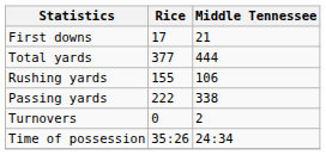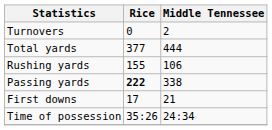 <table class="wikitable" style="float: right;">
 <tr>
 <th>Statistics</th>
 <th>Rice</th>
 <th>Middle Tennessee</th>
 </tr>
 <tr>
-<td>First downs</td>
-<td>17</td>
-<td>21</td>
+<td>Turnovers</td>
+<td>0</td>
+<td>2</td>
 </tr>
 <tr>
 <td>Total yards</td>
 <td>377</td>
 <td>444</td>
 </tr>
 <tr>
 <td>Rushing yards</td>
 <td>155</td>
 <td>106</td>
 </tr>
 <tr>
 <td>Passing yards</td>
-<td>222</td>
+<td><strong>222</strong></td>
 <td>338</td>
 </tr>
 <tr>
-<td>Turnovers</td>
-<td>0</td>
-<td>2</td>
+<td>First downs</td>
+<td>17</td>
+<td>21</td>
 </tr>
 <tr>
 <td>Time of possession</td>
 <td>35:26</td>
 <td>24:34</td>
 </tr>
 <tr>
 </tr>
 </table>
